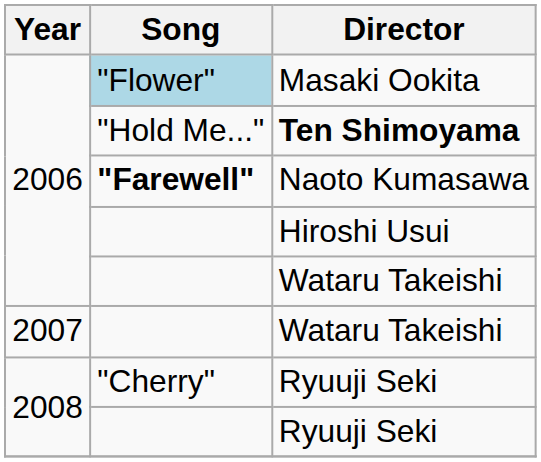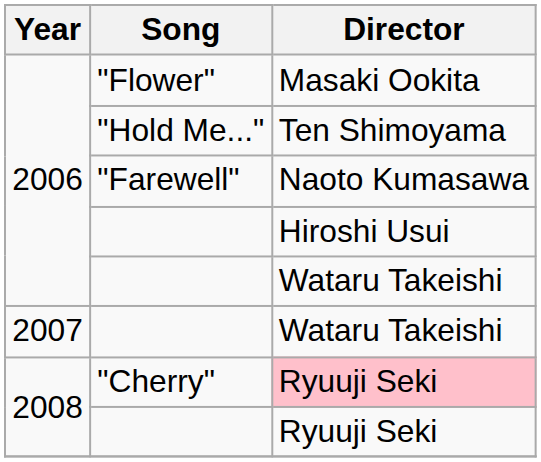 <table class="wikitable">
 <tr>
 <th>Year</th>
 <th>Song</th>
 <th>Director</th>
 </tr>
 <tr>
 <td rowspan="5">2006</td>
-<td style="background: lightblue;">"Flower"</td>
+<td>"Flower"</td>
 <td>Masaki Ookita</td>
 </tr>
 <tr>
 <td>"Hold Me..."</td>
-<td><strong>Ten Shimoyama</strong></td>
+<td>Ten Shimoyama</td>
 </tr>
 <tr>
-<td><strong>"Farewell"</strong></td>
+<td>"Farewell"</td>
 <td align="center">Naoto Kumasawa</td>
 </tr>
 <tr>
 <td></td>
 <td>Hiroshi Usui</td>
 </tr>
 <tr>
 <td></td>
 <td>Wataru Takeishi</td>
 </tr>
 <tr>
 <td>2007</td>
 <td></td>
 <td>Wataru Takeishi</td>
 </tr>
 <tr>
 <td rowspan="2">2008</td>
 <td>"Cherry"</td>
-<td>Ryuuji Seki</td>
+<td style="background: pink;">Ryuuji Seki</td>
 </tr>
 <tr>
 <td></td>
 <td>Ryuuji Seki</td>
 </tr>
 <tr>
 </tr>
 </table>
